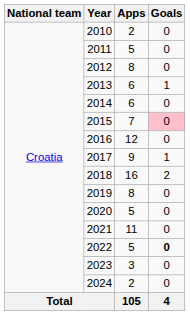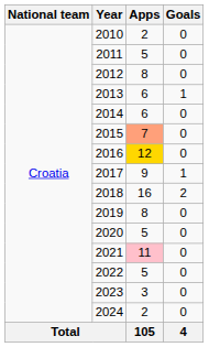 <table class="wikitable" style="text-align:center">
 <tr>
 <th>National team</th>
 <th>Year</th>
 <th>Apps</th>
 <th>Goals</th>
 </tr>
 <tr>
 <td rowspan="15"><a href='#'>Croatia</a></td>
 <td>2010</td>
 <td>2</td>
 <td>0</td>
 </tr>
 <tr>
 <td>2011</td>
 <td>5</td>
 <td>0</td>
 </tr>
 <tr>
 <td>2012</td>
 <td>8</td>
 <td>0</td>
 </tr>
 <tr>
 <td>2013</td>
 <td>6</td>
 <td>1</td>
 </tr>
 <tr>
 <td>2014</td>
 <td>6</td>
 <td>0</td>
 </tr>
 <tr>
 <td>2015</td>
-<td>7</td>
-<td style="background: pink;">0</td>
+<td style="background: lightsalmon;">7</td>
+<td>0</td>
 </tr>
 <tr>
 <td>2016</td>
-<td>12</td>
+<td style="background: gold;">12</td>
 <td>0</td>
 </tr>
 <tr>
 <td>2017</td>
 <td>9</td>
 <td>1</td>
 </tr>
 <tr>
 <td>2018</td>
 <td>16</td>
 <td>2</td>
 </tr>
 <tr>
 <td>2019</td>
 <td>8</td>
 <td>0</td>
 </tr>
 <tr>
 <td>2020</td>
 <td>5</td>
 <td>0</td>
 </tr>
 <tr>
 <td>2021</td>
-<td>11</td>
+<td style="background: pink;">11</td>
 <td>0</td>
 </tr>
 <tr>
 <td>2022</td>
 <td>5</td>
-<td><strong>0</strong></td>
+<td>0</td>
 </tr>
 <tr>
 <td>2023</td>
 <td>3</td>
 <td>0</td>
 </tr>
 <tr>
 <td>2024</td>
 <td>2</td>
 <td>0</td>
 </tr>
 <tr>
 <th colspan="2">Total</th>
 <th>105</th>
 <th>4</th>
 </tr>
 </table>
